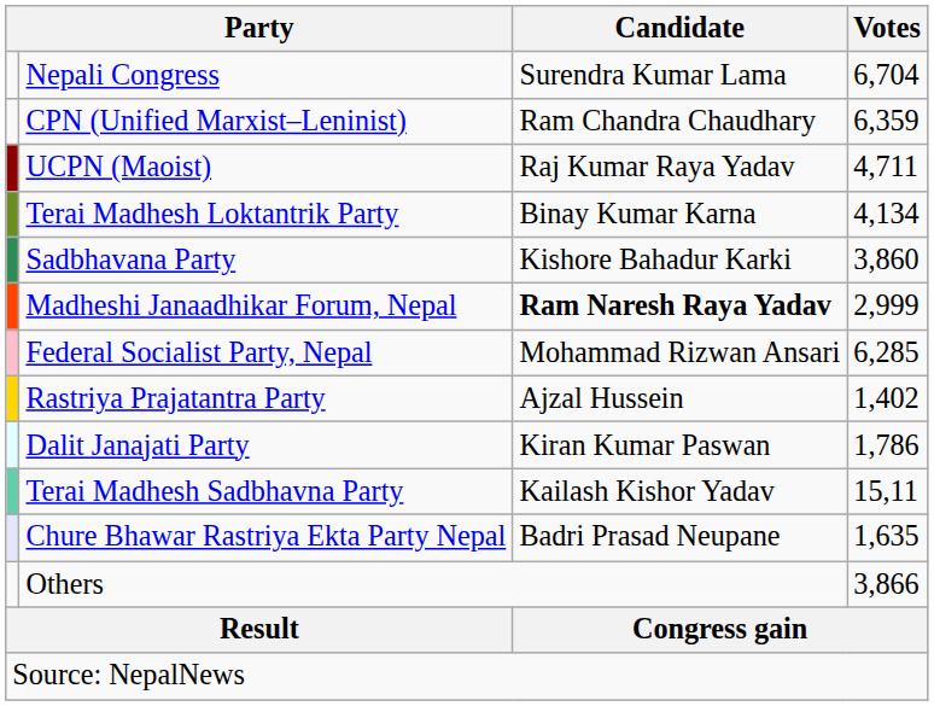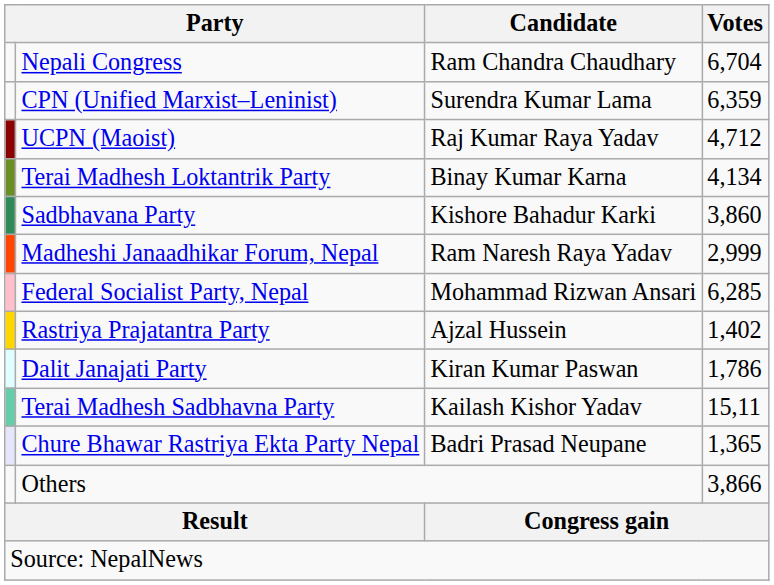 <table class="wikitable">
 <tr>
 <th colspan="2">Party</th>
 <th>Candidate</th>
 <th>Votes</th>
 </tr>
 <tr>
 <td style="background-color:"></td>
 <td><a href='#'>Nepali Congress</a></td>
-<td>Surendra Kumar Lama</td>
+<td>Ram Chandra Chaudhary</td>
 <td>6,704</td>
 </tr>
 <tr>
 <td style="background-color:"></td>
 <td><a href='#'>CPN (Unified Marxist–Leninist)</a></td>
-<td>Ram Chandra Chaudhary</td>
+<td>Surendra Kumar Lama</td>
 <td>6,359</td>
 </tr>
 <tr>
 <td style="background-color:darkred"></td>
 <td><a href='#'>UCPN (Maoist)</a></td>
 <td>Raj Kumar Raya Yadav</td>
-<td>4,711</td>
+<td>4,712</td>
 </tr>
 <tr>
 <td style="background-color:olivedrab"></td>
 <td><a href='#'>Terai Madhesh Loktantrik Party</a></td>
 <td>Binay Kumar Karna</td>
 <td>4,134</td>
 </tr>
 <tr>
 <td style="background-color:seagreen"></td>
 <td><a href='#'>Sadbhavana Party</a></td>
 <td>Kishore Bahadur Karki</td>
 <td>3,860</td>
 </tr>
 <tr>
 <td style="background-color:orangered"></td>
 <td><a href='#'>Madheshi Janaadhikar Forum, Nepal</a></td>
-<td><strong>Ram Naresh Raya Yadav</strong></td>
+<td>Ram Naresh Raya Yadav</td>
 <td>2,999</td>
 </tr>
 <tr>
 <td style="background-color:pink"></td>
 <td><a href='#'>Federal Socialist Party, Nepal</a></td>
 <td>Mohammad Rizwan Ansari</td>
 <td>6,285</td>
 </tr>
 <tr>
 <td style="background-color:gold"></td>
 <td><a href='#'>Rastriya Prajatantra Party</a></td>
 <td>Ajzal Hussein</td>
 <td>1,402</td>
 </tr>
 <tr>
 <td style="background-color:#e0ffff"></td>
 <td><a href='#'>Dalit Janajati Party</a></td>
 <td>Kiran Kumar Paswan</td>
 <td>1,786</td>
 </tr>
 <tr>
 <td style="background-color:mediumaquamarine"></td>
 <td><a href='#'>Terai Madhesh Sadbhavna Party</a></td>
 <td>Kailash Kishor Yadav</td>
 <td>15,11</td>
 </tr>
 <tr>
 <td style="background-color:#e6e6fa"></td>
 <td><a href='#'>Chure Bhawar Rastriya Ekta Party Nepal</a></td>
 <td>Badri Prasad Neupane</td>
-<td>1,635</td>
+<td>1,365</td>
 </tr>
 <tr>
 <td></td>
 <td colspan="2">Others</td>
 <td>3,866</td>
 </tr>
 <tr>
 <th colspan="2">Result</th>
 <th colspan="2">Congress gain</th>
 </tr>
 <tr>
 <td colspan="4">Source: NepalNews</td>
 </tr>
 </table>
